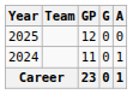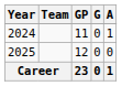 <table class="wikitable" style="text-align: center;">
 <tr>
 <th>Year</th>
 <th>Team</th>
 <th>GP</th>
 <th>G</th>
 <th>A</th>
 </tr>
 <tr>
 </tr>
 <tr>
+<td>2024</td>
+<td><a href='#'></a></td>
+<td>11</td>
+<td>0</td>
+<td>1</td>
+</tr>
+<tr>
 <td>2025</td>
 <td><a href='#'></a></td>
 <td>12</td>
 <td>0</td>
 <td>0</td>
-</tr>
-<tr>
-<td>2024</td>
-<td><a href='#'></a></td>
-<td>11</td>
-<td>0</td>
-<td>1</td>
 </tr>
 <tr>
 <th align=center colspan="2">Career</th>
 <th>23</th>
 <th>0</th>
 <th>1</th>
 </tr>
 </table>
